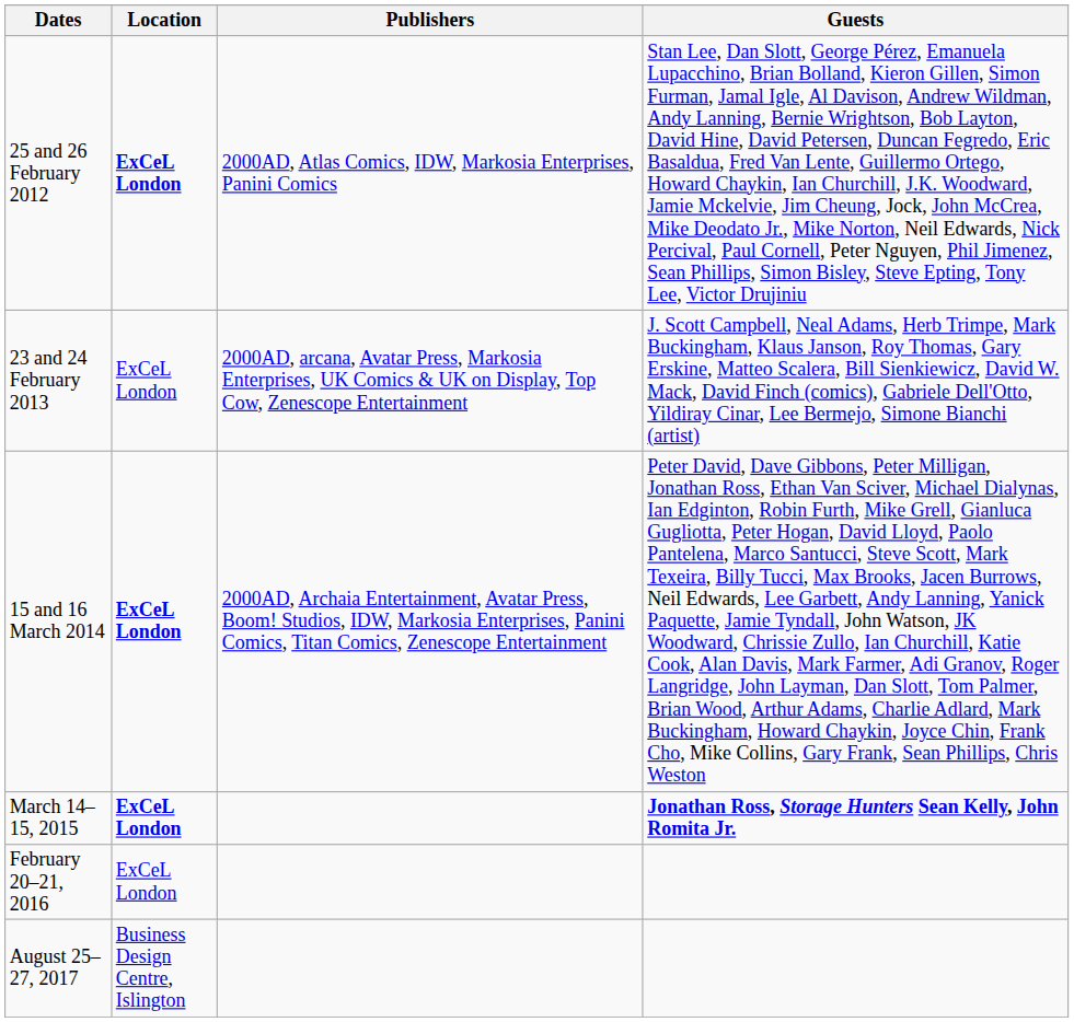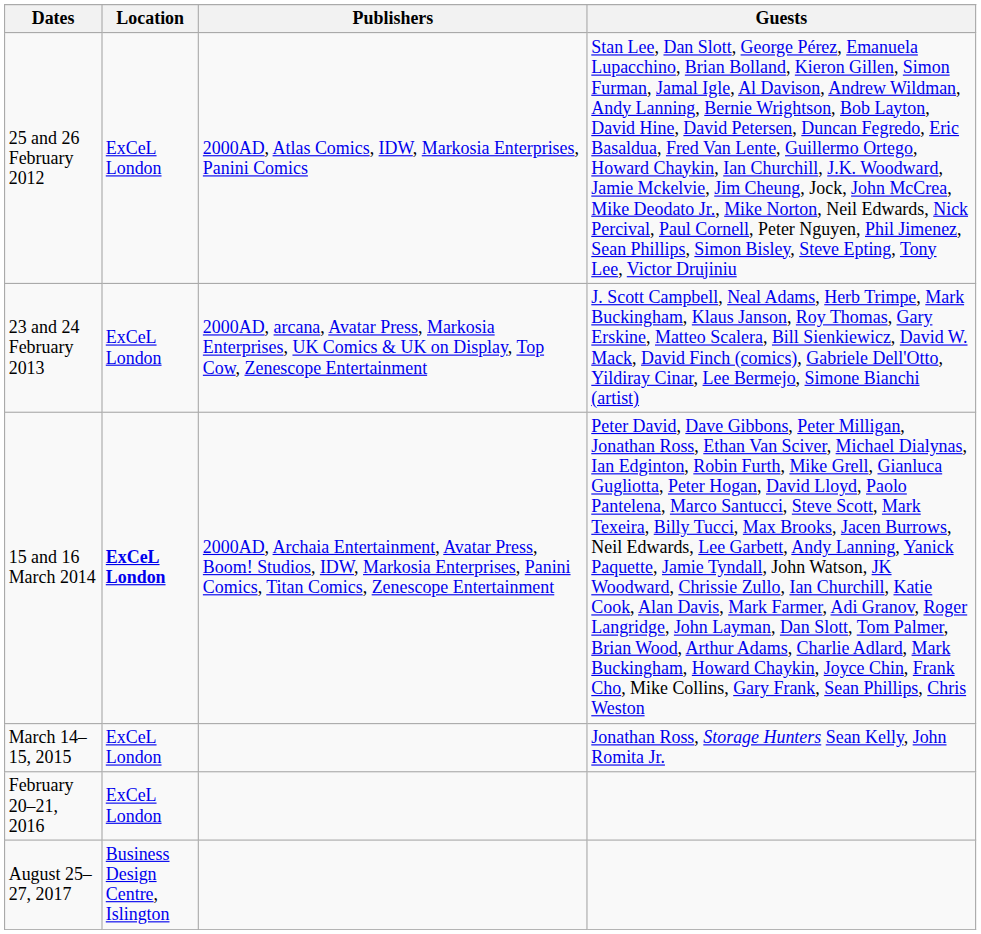 <table class="wikitable">
 <tr bgcolor="#CCCCCC">
 </tr>
 <tr>
 <th width="10%">Dates</th>
 <th width="10%">Location</th>
 <th width= 40%>Publishers</th>
 <th width="40%">Guests</th>
 </tr>
 <tr>
 <td>25 and 26 February 2012</td>
-<td><strong><a href='#'>ExCeL London</a></strong></td>
+<td><a href='#'>ExCeL London</a></td>
 <td><a href='#'>2000AD</a>, <a href='#'>Atlas Comics</a>, <a href='#'>IDW</a>, <a href='#'>Markosia Enterprises</a>, <a href='#'>Panini Comics</a></td>
 <td><a href='#'>Stan Lee</a>, <a href='#'>Dan Slott</a>, <a href='#'>George Pérez</a>, <a href='#'>Emanuela Lupacchino</a>, <a href='#'>Brian Bolland</a>, <a href='#'>Kieron Gillen</a>, <a href='#'>Simon Furman</a>, <a href='#'>Jamal Igle</a>, <a href='#'>Al Davison</a>, <a href='#'>Andrew Wildman</a>, <a href='#'>Andy Lanning</a>, <a href='#'>Bernie Wrightson</a>, <a href='#'>Bob Layton</a>, <a href='#'>David Hine</a>, <a href='#'>David Petersen</a>, <a href='#'>Duncan Fegredo</a>, <a href='#'>Eric Basaldua</a>, <a href='#'>Fred Van Lente</a>, <a href='#'>Guillermo Ortego</a>, <a href='#'>Howard Chaykin</a>, <a href='#'>Ian Churchill</a>, <a href='#'>J.K. Woodward</a>, <a href='#'>Jamie Mckelvie</a>, <a href='#'>Jim Cheung</a>, Jock, <a href='#'>John McCrea</a>, <a href='#'>Mike Deodato Jr.</a>, <a href='#'>Mike Norton</a>, Neil Edwards, <a href='#'>Nick Percival</a>, <a href='#'>Paul Cornell</a>, Peter Nguyen, <a href='#'>Phil Jimenez</a>, <a href='#'>Sean Phillips</a>, <a href='#'>Simon Bisley</a>, <a href='#'>Steve Epting</a>, <a href='#'>Tony Lee</a>, <a href='#'>Victor Drujiniu</a></td>
 </tr>
 <tr>
 <td>23 and 24 February 2013</td>
 <td><a href='#'>ExCeL London</a></td>
 <td><a href='#'>2000AD</a>, <a href='#'>arcana</a>, <a href='#'>Avatar Press</a>, <a href='#'>Markosia Enterprises</a>, <a href='#'>UK Comics & UK on Display</a>, <a href='#'>Top Cow</a>, <a href='#'>Zenescope Entertainment</a></td>
 <td><a href='#'>J. Scott Campbell</a>, <a href='#'>Neal Adams</a>, <a href='#'>Herb Trimpe</a>, <a href='#'>Mark Buckingham</a>, <a href='#'>Klaus Janson</a>, <a href='#'>Roy Thomas</a>, <a href='#'>Gary Erskine</a>, <a href='#'>Matteo Scalera</a>, <a href='#'>Bill Sienkiewicz</a>, <a href='#'>David W. Mack</a>, <a href='#'>David Finch (comics)</a>, <a href='#'>Gabriele Dell'Otto</a>, <a href='#'>Yildiray Cinar</a>, <a href='#'>Lee Bermejo</a>, <a href='#'>Simone Bianchi (artist)</a></td>
 </tr>
 <tr>
 <td>15 and 16 March 2014</td>
 <td><strong><a href='#'>ExCeL London</a></strong></td>
 <td><a href='#'>2000AD</a>, <a href='#'>Archaia Entertainment</a>, <a href='#'>Avatar Press</a>, <a href='#'>Boom! Studios</a>, <a href='#'>IDW</a>, <a href='#'>Markosia Enterprises</a>, <a href='#'>Panini Comics</a>, <a href='#'>Titan Comics</a>, <a href='#'>Zenescope Entertainment</a></td>
 <td><a href='#'>Peter David</a>, <a href='#'>Dave Gibbons</a>, <a href='#'>Peter Milligan</a>, <a href='#'>Jonathan Ross</a>, <a href='#'>Ethan Van Sciver</a>, <a href='#'>Michael Dialynas</a>, <a href='#'>Ian Edginton</a>, <a href='#'>Robin Furth</a>, <a href='#'>Mike Grell</a>, <a href='#'>Gianluca Gugliotta</a>, <a href='#'>Peter Hogan</a>, <a href='#'>David Lloyd</a>, <a href='#'>Paolo Pantelena</a>, <a href='#'>Marco Santucci</a>, <a href='#'>Steve Scott</a>, <a href='#'>Mark Texeira</a>, <a href='#'>Billy Tucci</a>, <a href='#'>Max Brooks</a>, <a href='#'>Jacen Burrows</a>, Neil Edwards, <a href='#'>Lee Garbett</a>, <a href='#'>Andy Lanning</a>, <a href='#'>Yanick Paquette</a>, <a href='#'>Jamie Tyndall</a>, John Watson, <a href='#'>JK Woodward</a>, <a href='#'>Chrissie Zullo</a>, <a href='#'>Ian Churchill</a>, <a href='#'>Katie Cook</a>, <a href='#'>Alan Davis</a>, <a href='#'>Mark Farmer</a>, <a href='#'>Adi Granov</a>, <a href='#'>Roger Langridge</a>, <a href='#'>John Layman</a>, <a href='#'>Dan Slott</a>, <a href='#'>Tom Palmer</a>, <a href='#'>Brian Wood</a>, <a href='#'>Arthur Adams</a>, <a href='#'>Charlie Adlard</a>, <a href='#'>Mark Buckingham</a>, <a href='#'>Howard Chaykin</a>, <a href='#'>Joyce Chin</a>, <a href='#'>Frank Cho</a>, Mike Collins, <a href='#'>Gary Frank</a>, <a href='#'>Sean Phillips</a>, <a href='#'>Chris Weston</a></td>
 </tr>
 <tr>
 <td>March 14–15, 2015</td>
-<td><strong><a href='#'>ExCeL London</a></strong></td>
+<td><a href='#'>ExCeL London</a></td>
 <td></td>
-<td><strong><a href='#'>Jonathan Ross</a>, <em><a href='#'>Storage Hunters</a></em> <a href='#'>Sean Kelly</a>, <a href='#'>John Romita Jr.</a></strong></td>
+<td><a href='#'>Jonathan Ross</a>, <em><a href='#'>Storage Hunters</a></em> <a href='#'>Sean Kelly</a>, <a href='#'>John Romita Jr.</a></td>
 </tr>
 <tr>
 <td>February 20–21, 2016</td>
 <td><a href='#'>ExCeL London</a></td>
 <td></td>
 <td></td>
 </tr>
 <tr>
 <td>August 25–27, 2017</td>
 <td><a href='#'>Business Design Centre</a>, <a href='#'>Islington</a></td>
 <td></td>
 <td></td>
 </tr>
 </table>
